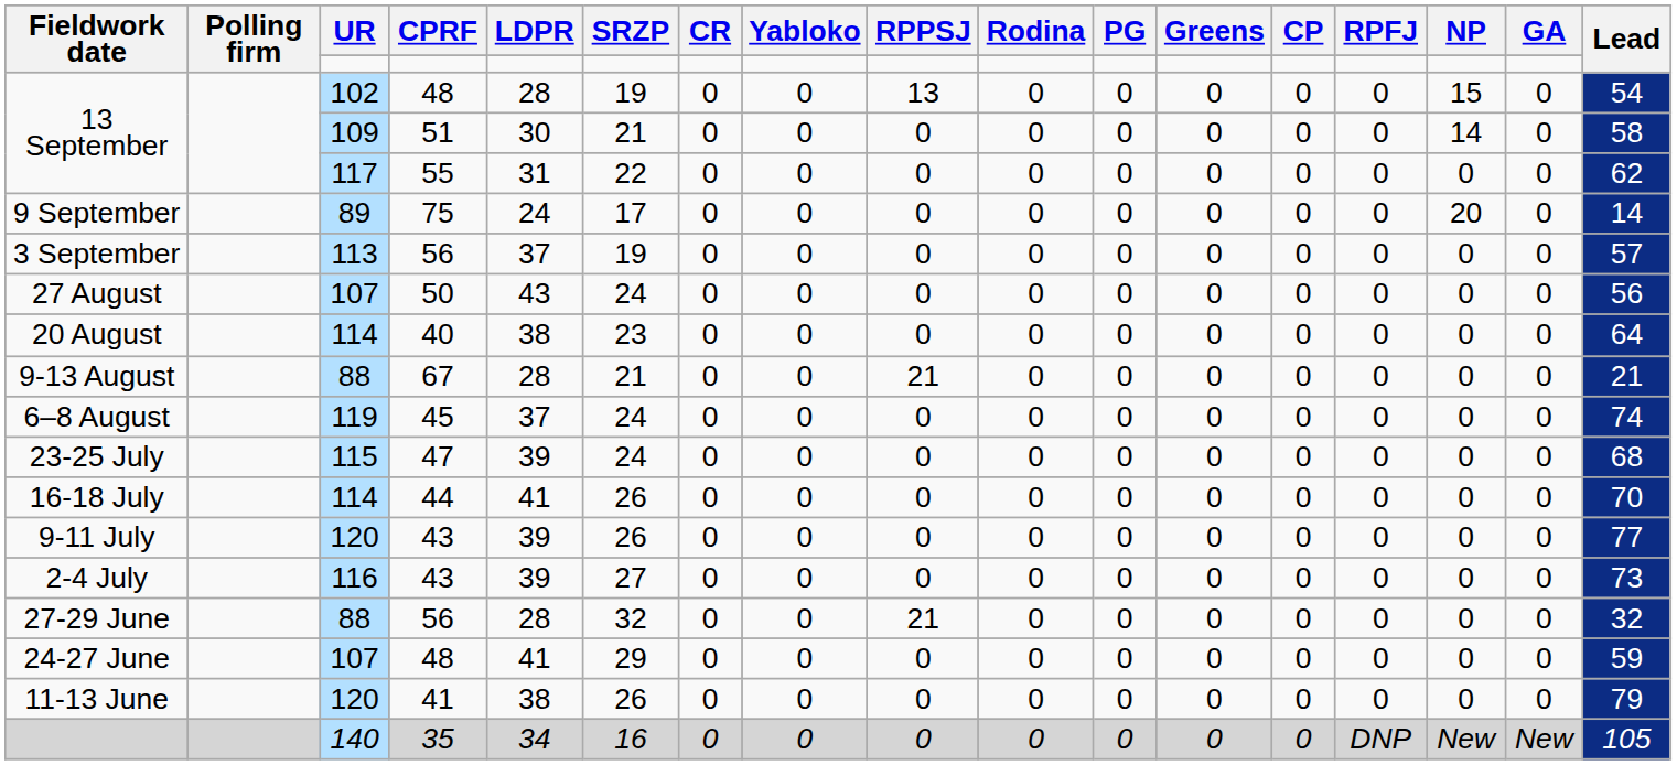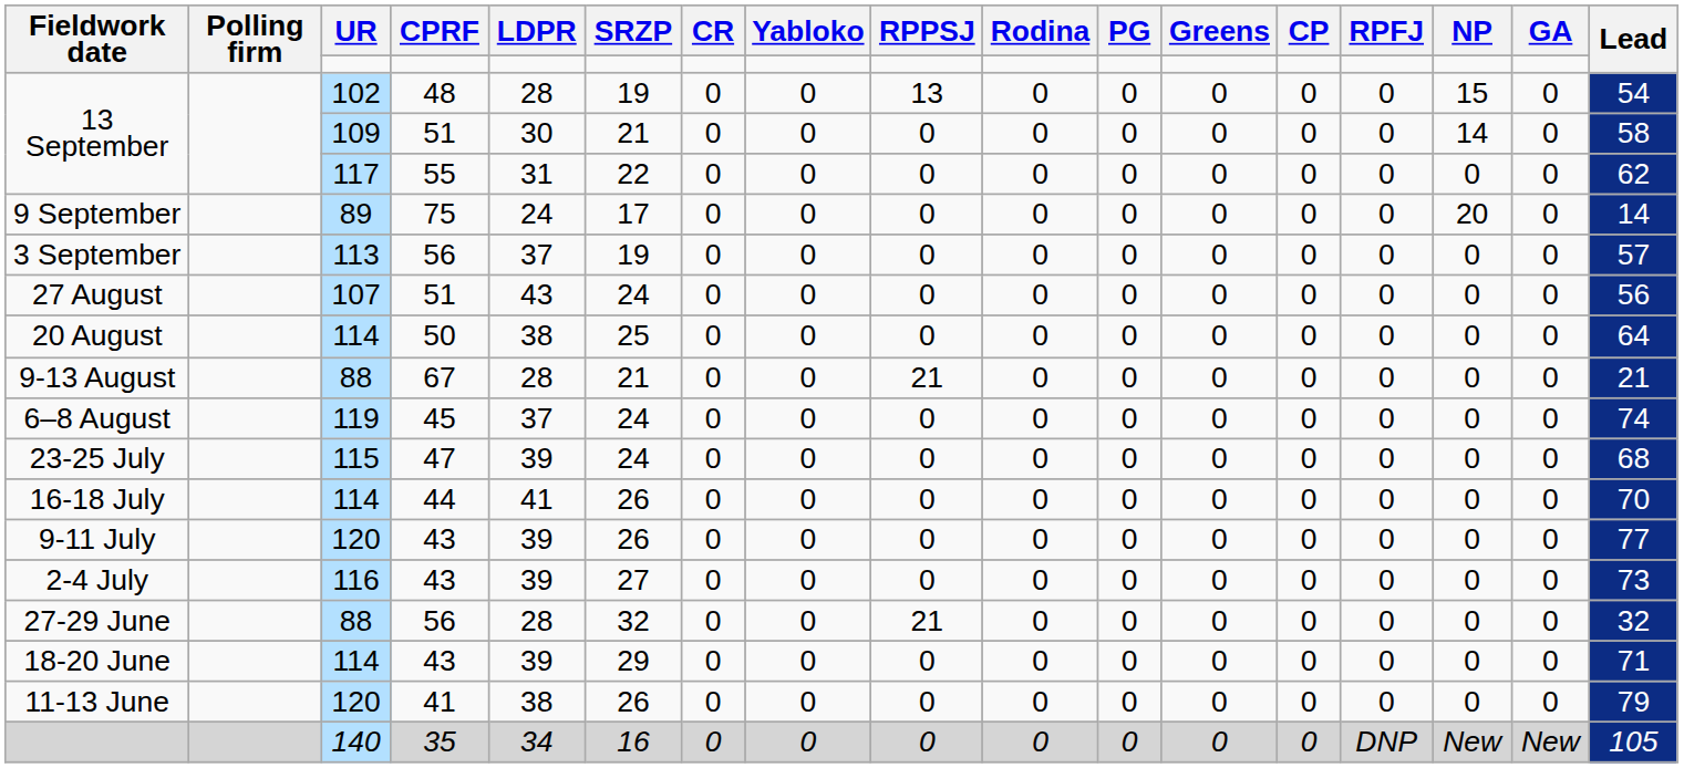 <table class="wikitable" style="font-size:95%; line-height:14px; text-align:center">
 <tr>
 <th rowspan="2" style="width:200px;">Fieldwork date</th>
 <th rowspan="2" style="width:150px;">Polling firm</th>
 <th style="width:60px;"><a href='#'>UR</a></th>
 <th style="width:60px;"><a href='#'>CPRF</a></th>
 <th style="width:60px;"><a href='#'>LDPR</a></th>
 <th style="width:60px;"><a href='#'>SRZP</a></th>
 <th style="width:60px;"><a href='#'>CR</a></th>
 <th style="width:60px;"><a href='#'>Yabloko</a></th>
 <th style="width:60px;"><a href='#'>RPPSJ</a></th>
 <th style="width:60px;"><a href='#'>Rodina</a></th>
 <th style="width:60px;"><a href='#'>PG</a></th>
 <th style="width:60px;"><a href='#'>Greens</a></th>
 <th style="width:60px;"><a href='#'>CP</a></th>
 <th style="width:60px;"><a href='#'>RPFJ</a></th>
 <th style="width:60px;"><a href='#'>NP</a></th>
 <th style="width:60px;"><a href='#'>GA</a></th>
 <th rowspan="2" style="width:60px;">Lead</th>
 </tr>
 <tr>
 <td></td>
 <td></td>
 <td></td>
 <td></td>
 <td></td>
 <td></td>
 <td></td>
 <td></td>
 <td></td>
 <td></td>
 <td></td>
 <td></td>
 <td></td>
 <td></td>
 </tr>
 <tr>
 <td rowspan=3>13 September</td>
 <td rowspan=3></td>
 <td style="background:#B3E0FF">102</td>
 <td>48</td>
 <td>28</td>
 <td>19</td>
 <td>0</td>
 <td>0</td>
 <td>13</td>
 <td>0</td>
 <td>0</td>
 <td>0</td>
 <td>0</td>
 <td>0</td>
 <td>15</td>
 <td>0</td>
 <td style="background:#0C2C84; color:white;">54</td>
 </tr>
 <tr>
 <td style="background:#B3E0FF">109</td>
 <td>51</td>
 <td>30</td>
 <td>21</td>
 <td>0</td>
 <td>0</td>
 <td>0</td>
 <td>0</td>
 <td>0</td>
 <td>0</td>
 <td>0</td>
 <td>0</td>
 <td>14</td>
 <td>0</td>
 <td style="background:#0C2C84; color:white;">58</td>
 </tr>
 <tr>
 <td style="background:#B3E0FF">117</td>
 <td>55</td>
 <td>31</td>
 <td>22</td>
 <td>0</td>
 <td>0</td>
 <td>0</td>
 <td>0</td>
 <td>0</td>
 <td>0</td>
 <td>0</td>
 <td>0</td>
 <td>0</td>
 <td>0</td>
 <td style="background:#0C2C84; color:white;">62</td>
 </tr>
 <tr>
 <td>9 September</td>
 <td></td>
 <td style="background:#B3E0FF">89</td>
 <td>75</td>
 <td>24</td>
 <td>17</td>
 <td>0</td>
 <td>0</td>
 <td>0</td>
 <td>0</td>
 <td>0</td>
 <td>0</td>
 <td>0</td>
 <td>0</td>
 <td>20</td>
 <td>0</td>
 <td style="background:#0C2C84; color:white;">14</td>
 </tr>
 <tr>
 <td>3 September</td>
 <td></td>
 <td style="background:#B3E0FF">113</td>
 <td>56</td>
 <td>37</td>
 <td>19</td>
 <td>0</td>
 <td>0</td>
 <td>0</td>
 <td>0</td>
 <td>0</td>
 <td>0</td>
 <td>0</td>
 <td>0</td>
 <td>0</td>
 <td>0</td>
 <td style="background:#0C2C84; color:white;">57</td>
 </tr>
 <tr>
 <td>27 August</td>
 <td></td>
 <td style="background:#B3E0FF">107</td>
-<td>50</td>
+<td>51</td>
 <td>43</td>
 <td>24</td>
 <td>0</td>
 <td>0</td>
 <td>0</td>
 <td>0</td>
 <td>0</td>
 <td>0</td>
 <td>0</td>
 <td>0</td>
 <td>0</td>
 <td>0</td>
 <td style="background:#0C2C84; color:white;">56</td>
 </tr>
 <tr>
 <td>20 August</td>
 <td></td>
 <td style="background:#B3E0FF">114</td>
-<td>40</td>
+<td>50</td>
 <td>38</td>
-<td>23</td>
+<td>25</td>
 <td>0</td>
 <td>0</td>
 <td>0</td>
 <td>0</td>
 <td>0</td>
 <td>0</td>
 <td>0</td>
 <td>0</td>
 <td>0</td>
 <td>0</td>
 <td style="background:#0C2C84; color:white;">64</td>
 </tr>
 <tr>
 <td>9-13 August</td>
 <td></td>
 <td style="background:#B3E0FF">88</td>
 <td>67</td>
 <td>28</td>
 <td>21</td>
 <td>0</td>
 <td>0</td>
 <td>21</td>
 <td>0</td>
 <td>0</td>
 <td>0</td>
 <td>0</td>
 <td>0</td>
 <td>0</td>
 <td>0</td>
 <td style="background:#0C2C84; color:white;">21</td>
 </tr>
 <tr>
 <td>6–8 August</td>
 <td></td>
 <td style="background:#B3E0FF">119</td>
 <td>45</td>
 <td>37</td>
 <td>24</td>
 <td>0</td>
 <td>0</td>
 <td>0</td>
 <td>0</td>
 <td>0</td>
 <td>0</td>
 <td>0</td>
 <td>0</td>
 <td>0</td>
 <td>0</td>
 <td style="background:#0C2C84; color:white;">74</td>
 </tr>
 <tr>
 <td>23-25 July</td>
 <td></td>
 <td style="background:#B3E0FF">115</td>
 <td>47</td>
 <td>39</td>
 <td>24</td>
 <td>0</td>
 <td>0</td>
 <td>0</td>
 <td>0</td>
 <td>0</td>
 <td>0</td>
 <td>0</td>
 <td>0</td>
 <td>0</td>
 <td>0</td>
 <td style="background:#0C2C84; color:white;">68</td>
 </tr>
 <tr>
 <td>16-18 July</td>
 <td></td>
 <td style="background:#B3E0FF">114</td>
 <td>44</td>
 <td>41</td>
 <td>26</td>
 <td>0</td>
 <td>0</td>
 <td>0</td>
 <td>0</td>
 <td>0</td>
 <td>0</td>
 <td>0</td>
 <td>0</td>
 <td>0</td>
 <td>0</td>
 <td style="background:#0C2C84; color:white;">70</td>
 </tr>
 <tr>
 <td>9-11 July</td>
 <td></td>
 <td style="background:#B3E0FF">120</td>
 <td>43</td>
 <td>39</td>
 <td>26</td>
 <td>0</td>
 <td>0</td>
 <td>0</td>
 <td>0</td>
 <td>0</td>
 <td>0</td>
 <td>0</td>
 <td>0</td>
 <td>0</td>
 <td>0</td>
 <td style="background:#0C2C84; color:white;">77</td>
 </tr>
 <tr>
 <td>2-4 July</td>
 <td></td>
 <td style="background:#B3E0FF">116</td>
 <td>43</td>
 <td>39</td>
 <td>27</td>
 <td>0</td>
 <td>0</td>
 <td>0</td>
 <td>0</td>
 <td>0</td>
 <td>0</td>
 <td>0</td>
 <td>0</td>
 <td>0</td>
 <td>0</td>
 <td style="background:#0C2C84; color:white;">73</td>
 </tr>
 <tr>
 <td>27-29 June</td>
 <td></td>
 <td style="background:#B3E0FF">88</td>
 <td>56</td>
 <td>28</td>
 <td>32</td>
 <td>0</td>
 <td>0</td>
 <td>21</td>
 <td>0</td>
 <td>0</td>
 <td>0</td>
 <td>0</td>
 <td>0</td>
 <td>0</td>
 <td>0</td>
 <td style="background:#0C2C84; color:white;">32</td>
 </tr>
 <tr>
-<td>24-27 June</td>
+<td>18-20 June</td>
 <td></td>
-<td style="background:#B3E0FF">107</td>
-<td>48</td>
-<td>41</td>
+<td style="background:#B3E0FF">114</td>
+<td>43</td>
+<td>39</td>
 <td>29</td>
 <td>0</td>
 <td>0</td>
 <td>0</td>
 <td>0</td>
 <td>0</td>
 <td>0</td>
 <td>0</td>
 <td>0</td>
 <td>0</td>
 <td>0</td>
-<td style="background:#0C2C84; color:white;">59</td>
+<td style="background:#0C2C84; color:white;">71</td>
 </tr>
 <tr>
 <td>11-13 June</td>
 <td></td>
 <td style="background:#B3E0FF">120</td>
 <td>41</td>
 <td>38</td>
 <td>26</td>
 <td>0</td>
 <td>0</td>
 <td>0</td>
 <td>0</td>
 <td>0</td>
 <td>0</td>
 <td>0</td>
 <td>0</td>
 <td>0</td>
 <td>0</td>
 <td style="background:#0C2C84; color:white;">79</td>
 </tr>
 <tr>
 <td style="background:#D5D5D5"></td>
 <td style="background:#D5D5D5"></td>
 <td style="background:#B3E0FF"><em>140</em></td>
 <td style="background:#D5D5D5"><em>35</em></td>
 <td style="background:#D5D5D5"><em>34</em></td>
 <td style="background:#D5D5D5"><em>16</em></td>
 <td style="background:#D5D5D5"><em>0</em></td>
 <td style="background:#D5D5D5"><em>0</em></td>
 <td style="background:#D5D5D5"><em>0</em></td>
 <td style="background:#D5D5D5"><em>0</em></td>
 <td style="background:#D5D5D5"><em>0</em></td>
 <td style="background:#D5D5D5"><em>0</em></td>
 <td style="background:#D5D5D5"><em>0</em></td>
 <td style="background:#D5D5D5"><em>DNP</em></td>
 <td style="background:#D5D5D5"><em>New</em></td>
 <td style="background:#D5D5D5"><em>New</em></td>
 <td style="background:#0C2C84; color:white;"><em>105</em></td>
 </tr>
 </table>
